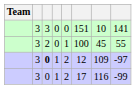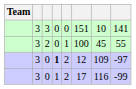 <table class="wikitable" style="text-align: center;">
 <tr>
 <th>Team</th>
 <th></th>
 <th></th>
 <th></th>
 <th></th>
 <th></th>
 <th></th>
 <th></th>
 </tr>
 <tr bgcolor="ccffcc">
 <td align="left"></td>
 <td>3</td>
 <td>3</td>
 <td>0</td>
 <td>0</td>
 <td>151</td>
 <td>10</td>
 <td>141</td>
 </tr>
 <tr bgcolor="ccffcc">
 <td align="left"></td>
 <td>3</td>
 <td>2</td>
 <td>0</td>
 <td>1</td>
 <td>100</td>
 <td>45</td>
 <td>55</td>
 </tr>
 <tr bgcolor="ccccff">
 <td align="left"></td>
 <td>3</td>
-<td><strong>0</strong></td>
-<td>1</td>
+<td>0</td>
+<td><strong>1</strong></td>
 <td>2</td>
 <td>12</td>
 <td>109</td>
 <td>-97</td>
 </tr>
 <tr bgcolor="ccccff">
 <td align="left"></td>
 <td>3</td>
 <td>0</td>
 <td>1</td>
 <td>2</td>
 <td>17</td>
 <td>116</td>
 <td>-99</td>
 </tr>
 </table>
